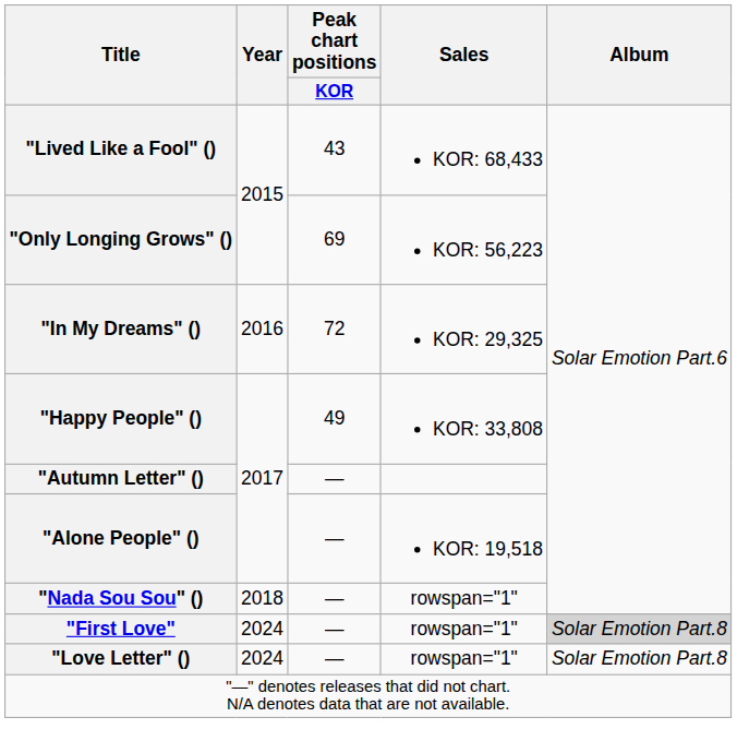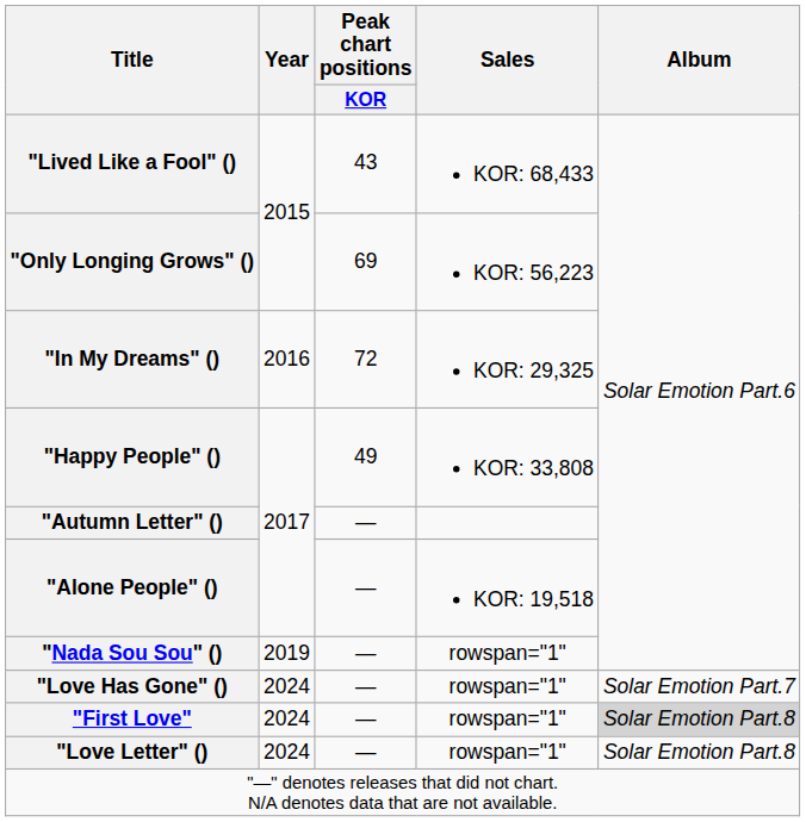 <table class="wikitable plainrowheaders" style="text-align:center">
 <tr>
 <th scope="col" rowspan="2">Title</th>
 <th scope="col" rowspan="2">Year</th>
 <th scope="col">Peak chart<br>positions</th>
 <th scope="col" rowspan="2">Sales</th>
 <th scope="col" rowspan="2">Album</th>
 </tr>
 <tr>
 <th scope="col" style="font-size:90%; width:2.5em"><a href='#'>KOR</a><br></th>
 </tr>
 <tr>
 <th scope="row">"Lived Like a Fool" ()</th>
 <td rowspan="2">2015</td>
 <td>43</td>
 <td><br><ul><li>KOR: 68,433</li></ul></td>
 <td rowspan="7"><em>Solar Emotion Part.6</em></td>
 </tr>
 <tr>
 <th scope="row">"Only Longing Grows" ()</th>
 <td>69</td>
 <td><br><ul><li>KOR: 56,223</li></ul></td>
 </tr>
 <tr>
 <th scope="row">"In My Dreams" ()</th>
 <td>2016</td>
 <td>72</td>
 <td><br><ul><li>KOR: 29,325</li></ul></td>
 </tr>
 <tr>
 <th scope="row">"Happy People" ()</th>
 <td rowspan="3">2017</td>
 <td>49</td>
 <td><br><ul><li>KOR: 33,808</li></ul></td>
 </tr>
 <tr>
 <th scope="row">"Autumn Letter" ()</th>
 <td>—</td>
 <td></td>
 </tr>
 <tr>
 <th scope="row">"Alone People" ()</th>
 <td>—</td>
 <td><br><ul><li>KOR: 19,518</li></ul></td>
 </tr>
 <tr>
 <th scope="row">"<a href='#'>Nada Sou Sou</a>" ()</th>
-<td>2018</td>
+<td>2019</td>
 <td>—</td>
 <td>rowspan="1" </td>
+</tr>
+<tr>
+<th scope="row">"Love Has Gone" ()</th>
+<td>2024</td>
+<td>—</td>
+<td>rowspan="1" </td>
+<td><em>Solar Emotion Part.7</em></td>
 </tr>
 <tr>
 <th scope="row"><a href='#'>"First Love"</a></th>
 <td>2024</td>
 <td>—</td>
 <td>rowspan="1" </td>
 <td style="background: lightgrey;"><em>Solar Emotion Part.8</em></td>
 </tr>
 <tr>
 <th scope="row">"Love Letter" ()</th>
 <td>2024</td>
 <td>—</td>
 <td>rowspan="1" </td>
 <td><em>Solar Emotion Part.8</em></td>
 </tr>
 <tr>
 <td colspan="5" style="font-size:85%">"—" denotes releases that did not chart.<br>N/A denotes data that are not available.</td>
 </tr>
 </table>
